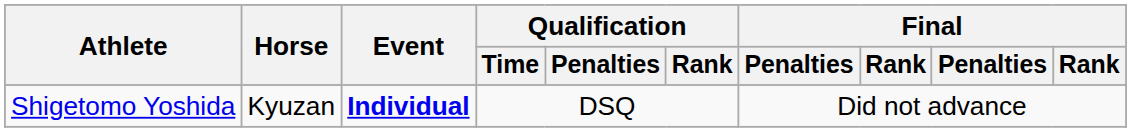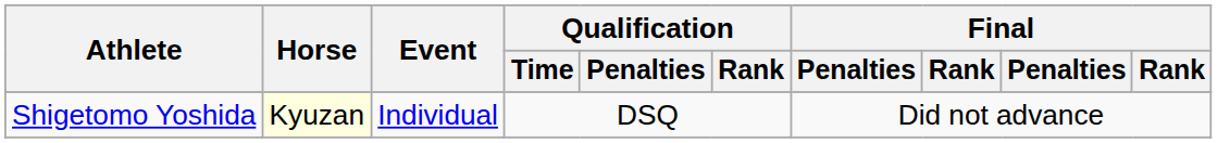 <table class="wikitable" style="font-size:90%">
 <tr>
 <th rowspan="2">Athlete</th>
 <th rowspan="2">Horse</th>
 <th rowspan="2">Event</th>
 <th colspan="3">Qualification</th>
 <th colspan="4">Final</th>
 </tr>
 <tr style="font-size:95%">
 <th>Time</th>
 <th>Penalties</th>
 <th>Rank</th>
 <th>Penalties</th>
 <th>Rank</th>
 <th>Penalties</th>
 <th>Rank</th>
 </tr>
 <tr align=center>
 <td align=left><a href='#'>Shigetomo Yoshida</a></td>
-<td align=left>Kyuzan</td>
-<td align=left rowspan=1><strong><a href='#'>Individual</a></strong></td>
+<td align=left style="background: lightyellow;">Kyuzan</td>
+<td align=left rowspan=1><a href='#'>Individual</a></td>
 <td colspan=3>DSQ</td>
 <td colspan=4>Did not advance</td>
 </tr>
 </table>
